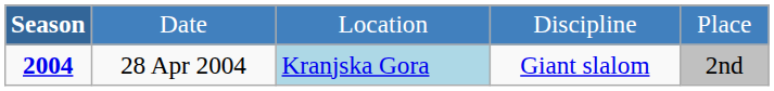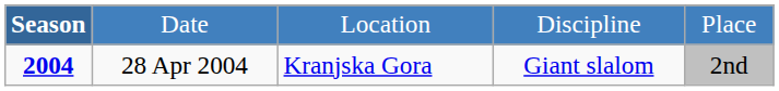 <table class="wikitable" width=55% style="font-size:100%; text-align:center; border:gray solid 1px;">
 <tr style="background:#369; color:white;">
 <td rowspan="2" colspan="1" width="5%"><strong>Season</strong></td>
 </tr>
 <tr style="background-color:#4180be; color:white;">
 <td>Date</td>
 <td>Location</td>
 <td>Discipline</td>
 <td>Place</td>
 </tr>
 <tr>
 <td><strong><a href='#'>2004</a></strong></td>
 <td>28 Apr 2004</td>
-<td align=left style="background: lightblue;"> <a href='#'>Kranjska Gora</a></td>
+<td align=left> <a href='#'>Kranjska Gora</a></td>
 <td><a href='#'>Giant slalom</a></td>
 <td bgcolor=silver>2nd</td>
 </tr>
 </table>
